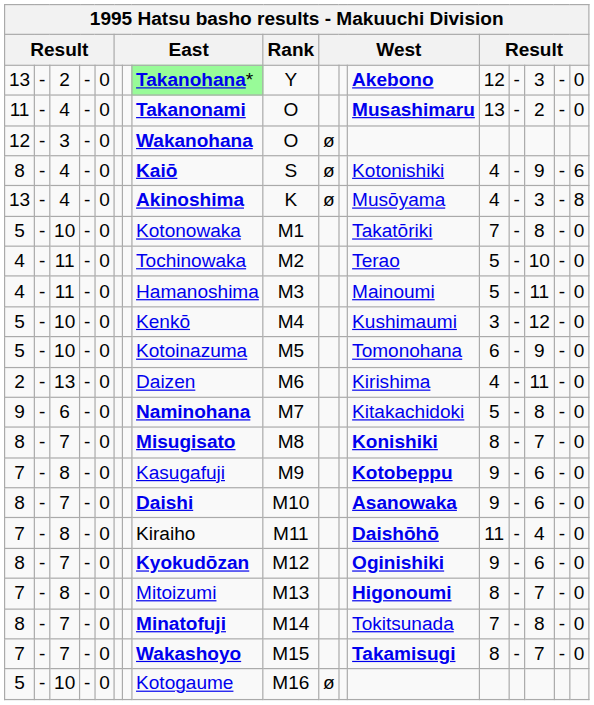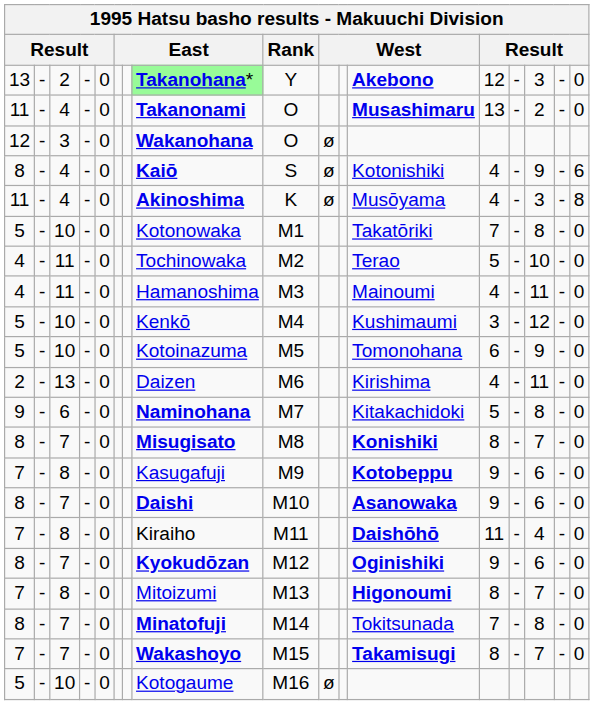 <table class="wikitable">
 <tr>
 <th colspan="17">1995 Hatsu basho results - Makuuchi Division</th>
 </tr>
 <tr>
 <th colspan="5">Result</th>
 <th colspan="3">East</th>
 <th>Rank</th>
 <th colspan="3">West</th>
 <th colspan="5">Result</th>
 </tr>
 <tr>
 <td align=center>13</td>
 <td align=center>-</td>
 <td align=center>2</td>
 <td align=center>-</td>
 <td align=center>0</td>
 <td align=center></td>
 <td align=center></td>
 <td style="background: PaleGreen;"><strong><a href='#'>Takanohana</a></strong>*</td>
 <td align=center>Y</td>
 <td align=center></td>
 <td align=center></td>
 <td><strong><a href='#'>Akebono</a></strong></td>
 <td align=center>12</td>
 <td align=center>-</td>
 <td align=center>3</td>
 <td align=center>-</td>
 <td align=center>0</td>
 </tr>
 <tr>
 <td align=center>11</td>
 <td align=center>-</td>
 <td align=center>4</td>
 <td align=center>-</td>
 <td align=center>0</td>
 <td align=center></td>
 <td align=center></td>
 <td><strong><a href='#'>Takanonami</a></strong></td>
 <td align=center>O</td>
 <td align=center></td>
 <td align=center></td>
 <td><strong><a href='#'>Musashimaru</a></strong></td>
 <td align=center>13</td>
 <td align=center>-</td>
 <td align=center>2</td>
 <td align=center>-</td>
 <td align=center>0</td>
 </tr>
 <tr>
 <td align=center>12</td>
 <td align=center>-</td>
 <td align=center>3</td>
 <td align=center>-</td>
 <td align=center>0</td>
 <td align=center></td>
 <td align=center></td>
 <td><strong><a href='#'>Wakanohana</a></strong></td>
 <td align=center>O</td>
 <td align=center>ø</td>
 <td align=center></td>
 <td></td>
 <td align=center></td>
 <td align=center></td>
 <td align=center></td>
 <td align=center></td>
 <td align=center></td>
 </tr>
 <tr>
 <td align=center>8</td>
 <td align=center>-</td>
 <td align=center>4</td>
 <td align=center>-</td>
 <td align=center>0</td>
 <td align=center></td>
 <td align=center></td>
 <td><strong><a href='#'>Kaiō</a></strong></td>
 <td align=center>S</td>
 <td align=center>ø</td>
 <td align=center></td>
 <td><a href='#'>Kotonishiki</a></td>
 <td align=center>4</td>
 <td align=center>-</td>
 <td align=center>9</td>
 <td align=center>-</td>
 <td align=center>6</td>
 </tr>
 <tr>
-<td align=center>13</td>
+<td align=center>11</td>
 <td align=center>-</td>
 <td align=center>4</td>
 <td align=center>-</td>
 <td align=center>0</td>
 <td align=center></td>
 <td align=center></td>
 <td><strong><a href='#'>Akinoshima</a></strong></td>
 <td align=center>K</td>
 <td align=center>ø</td>
 <td align=center></td>
 <td><a href='#'>Musōyama</a></td>
 <td align=center>4</td>
 <td align=center>-</td>
 <td align=center>3</td>
 <td align=center>-</td>
 <td align=center>8</td>
 </tr>
 <tr>
 <td align=center>5</td>
 <td align=center>-</td>
 <td align=center>10</td>
 <td align=center>-</td>
 <td align=center>0</td>
 <td align=center></td>
 <td align=center></td>
 <td><a href='#'>Kotonowaka</a></td>
 <td align=center>M1</td>
 <td align=center></td>
 <td align=center></td>
 <td><a href='#'>Takatōriki</a></td>
 <td align=center>7</td>
 <td align=center>-</td>
 <td align=center>8</td>
 <td align=center>-</td>
 <td align=center>0</td>
 </tr>
 <tr>
 <td align=center>4</td>
 <td align=center>-</td>
 <td align=center>11</td>
 <td align=center>-</td>
 <td align=center>0</td>
 <td align=center></td>
 <td align=center></td>
 <td><a href='#'>Tochinowaka</a></td>
 <td align=center>M2</td>
 <td align=center></td>
 <td align=center></td>
 <td><a href='#'>Terao</a></td>
 <td align=center>5</td>
 <td align=center>-</td>
 <td align=center>10</td>
 <td align=center>-</td>
 <td align=center>0</td>
 </tr>
 <tr>
 <td align=center>4</td>
 <td align=center>-</td>
 <td align=center>11</td>
 <td align=center>-</td>
 <td align=center>0</td>
 <td align=center></td>
 <td align=center></td>
 <td><a href='#'>Hamanoshima</a></td>
 <td align=center>M3</td>
 <td align=center></td>
 <td align=center></td>
 <td><a href='#'>Mainoumi</a></td>
-<td align=center>5</td>
+<td align=center>4</td>
 <td align=center>-</td>
 <td align=center>11</td>
 <td align=center>-</td>
 <td align=center>0</td>
 </tr>
 <tr>
 <td align=center>5</td>
 <td align=center>-</td>
 <td align=center>10</td>
 <td align=center>-</td>
 <td align=center>0</td>
 <td align=center></td>
 <td align=center></td>
 <td><a href='#'>Kenkō</a></td>
 <td align=center>M4</td>
 <td align=center></td>
 <td align=center></td>
 <td><a href='#'>Kushimaumi</a></td>
 <td align=center>3</td>
 <td align=center>-</td>
 <td align=center>12</td>
 <td align=center>-</td>
 <td align=center>0</td>
 </tr>
 <tr>
 <td align=center>5</td>
 <td align=center>-</td>
 <td align=center>10</td>
 <td align=center>-</td>
 <td align=center>0</td>
 <td align=center></td>
 <td align=center></td>
 <td><a href='#'>Kotoinazuma</a></td>
 <td align=center>M5</td>
 <td align=center></td>
 <td align=center></td>
 <td><a href='#'>Tomonohana</a></td>
 <td align=center>6</td>
 <td align=center>-</td>
 <td align=center>9</td>
 <td align=center>-</td>
 <td align=center>0</td>
 </tr>
 <tr>
 <td align=center>2</td>
 <td align=center>-</td>
 <td align=center>13</td>
 <td align=center>-</td>
 <td align=center>0</td>
 <td align=center></td>
 <td align=center></td>
 <td><a href='#'>Daizen</a></td>
 <td align=center>M6</td>
 <td align=center></td>
 <td align=center></td>
 <td><a href='#'>Kirishima</a></td>
 <td align=center>4</td>
 <td align=center>-</td>
 <td align=center>11</td>
 <td align=center>-</td>
 <td align=center>0</td>
 </tr>
 <tr>
 <td align=center>9</td>
 <td align=center>-</td>
 <td align=center>6</td>
 <td align=center>-</td>
 <td align=center>0</td>
 <td align=center></td>
 <td align=center></td>
 <td><strong><a href='#'>Naminohana</a></strong></td>
 <td align=center>M7</td>
 <td align=center></td>
 <td align=center></td>
 <td><a href='#'>Kitakachidoki</a></td>
 <td align=center>5</td>
 <td align=center>-</td>
 <td align=center>8</td>
 <td align=center>-</td>
 <td align=center>0</td>
 </tr>
 <tr>
 <td align=center>8</td>
 <td align=center>-</td>
 <td align=center>7</td>
 <td align=center>-</td>
 <td align=center>0</td>
 <td align=center></td>
 <td align=center></td>
 <td><strong><a href='#'>Misugisato</a></strong></td>
 <td align=center>M8</td>
 <td align=center></td>
 <td align=center></td>
 <td><strong><a href='#'>Konishiki</a></strong></td>
 <td align=center>8</td>
 <td align=center>-</td>
 <td align=center>7</td>
 <td align=center>-</td>
 <td align=center>0</td>
 </tr>
 <tr>
 <td align=center>7</td>
 <td align=center>-</td>
 <td align=center>8</td>
 <td align=center>-</td>
 <td align=center>0</td>
 <td align=center></td>
 <td align=center></td>
 <td><a href='#'>Kasugafuji</a></td>
 <td align=center>M9</td>
 <td align=center></td>
 <td align=center></td>
 <td><strong><a href='#'>Kotobeppu</a></strong></td>
 <td align=center>9</td>
 <td align=center>-</td>
 <td align=center>6</td>
 <td align=center>-</td>
 <td align=center>0</td>
 </tr>
 <tr>
 <td align=center>8</td>
 <td align=center>-</td>
 <td align=center>7</td>
 <td align=center>-</td>
 <td align=center>0</td>
 <td align=center></td>
 <td align=center></td>
 <td><strong><a href='#'>Daishi</a></strong></td>
 <td align=center>M10</td>
 <td align=center></td>
 <td align=center></td>
 <td><strong><a href='#'>Asanowaka</a></strong></td>
 <td align=center>9</td>
 <td align=center>-</td>
 <td align=center>6</td>
 <td align=center>-</td>
 <td align=center>0</td>
 </tr>
 <tr>
 <td align=center>7</td>
 <td align=center>-</td>
 <td align=center>8</td>
 <td align=center>-</td>
 <td align=center>0</td>
 <td align=center></td>
 <td align=center></td>
 <td>Kiraiho</td>
 <td align=center>M11</td>
 <td align=center></td>
 <td align=center></td>
 <td><strong><a href='#'>Daishōhō</a></strong></td>
 <td align=center>11</td>
 <td align=center>-</td>
 <td align=center>4</td>
 <td align=center>-</td>
 <td align=center>0</td>
 </tr>
 <tr>
 <td align=center>8</td>
 <td align=center>-</td>
 <td align=center>7</td>
 <td align=center>-</td>
 <td align=center>0</td>
 <td align=center></td>
 <td align=center></td>
 <td><strong><a href='#'>Kyokudōzan</a></strong></td>
 <td align=center>M12</td>
 <td align=center></td>
 <td align=center></td>
 <td><strong><a href='#'>Oginishiki</a></strong></td>
 <td align=center>9</td>
 <td align=center>-</td>
 <td align=center>6</td>
 <td align=center>-</td>
 <td align=center>0</td>
 </tr>
 <tr>
 <td align=center>7</td>
 <td align=center>-</td>
 <td align=center>8</td>
 <td align=center>-</td>
 <td align=center>0</td>
 <td align=center></td>
 <td align=center></td>
 <td><a href='#'>Mitoizumi</a></td>
 <td align=center>M13</td>
 <td align=center></td>
 <td align=center></td>
 <td><strong><a href='#'>Higonoumi</a></strong></td>
 <td align=center>8</td>
 <td align=center>-</td>
 <td align=center>7</td>
 <td align=center>-</td>
 <td align=center>0</td>
 </tr>
 <tr>
 <td align=center>8</td>
 <td align=center>-</td>
 <td align=center>7</td>
 <td align=center>-</td>
 <td align=center>0</td>
 <td align=center></td>
 <td align=center></td>
 <td><strong><a href='#'>Minatofuji</a></strong></td>
 <td align=center>M14</td>
 <td align=center></td>
 <td align=center></td>
 <td><a href='#'>Tokitsunada</a></td>
 <td align=center>7</td>
 <td align=center>-</td>
 <td align=center>8</td>
 <td align=center>-</td>
 <td align=center>0</td>
 </tr>
 <tr>
 <td align=center>7</td>
 <td align=center>-</td>
 <td align=center>7</td>
 <td align=center>-</td>
 <td align=center>0</td>
 <td align=center></td>
 <td align=center></td>
 <td><strong><a href='#'>Wakashoyo</a></strong></td>
 <td align=center>M15</td>
 <td align=center></td>
 <td align=center></td>
 <td><strong><a href='#'>Takamisugi</a></strong></td>
 <td align=center>8</td>
 <td align=center>-</td>
 <td align=center>7</td>
 <td align=center>-</td>
 <td align=center>0</td>
 </tr>
 <tr>
 <td align=center>5</td>
 <td align=center>-</td>
 <td align=center>10</td>
 <td align=center>-</td>
 <td align=center>0</td>
 <td align=center></td>
 <td align=center></td>
 <td><a href='#'>Kotogaume</a></td>
 <td align=center>M16</td>
 <td align=center>ø</td>
 <td align=center></td>
 <td></td>
 <td align=center></td>
 <td align=center></td>
 <td align=center></td>
 <td align=center></td>
 <td align=center></td>
 </tr>
 </table>
